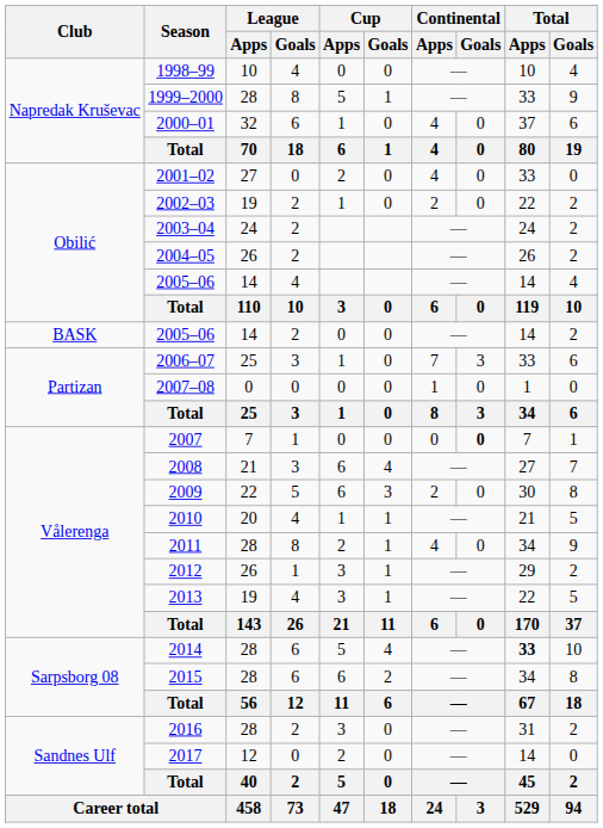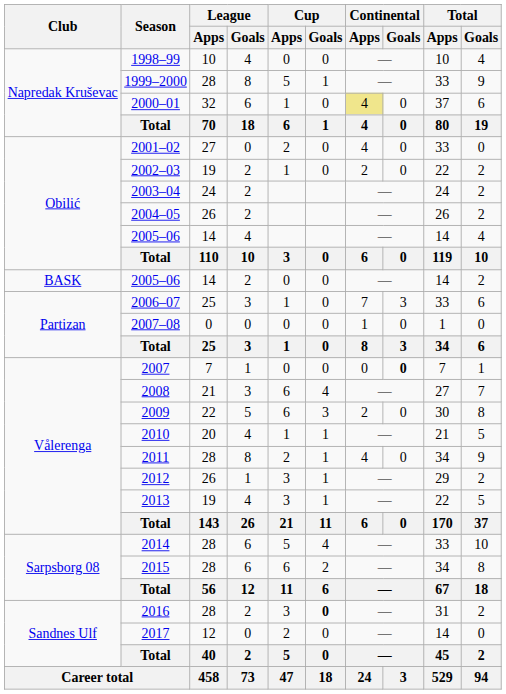 <table class="wikitable" style="text-align:center">
 <tr>
 <th rowspan="2">Club</th>
 <th rowspan="2">Season</th>
 <th colspan="2">League</th>
 <th colspan="2">Cup</th>
 <th colspan="2">Continental</th>
 <th colspan="2">Total</th>
 </tr>
 <tr>
 <th>Apps</th>
 <th>Goals</th>
 <th>Apps</th>
 <th>Goals</th>
 <th>Apps</th>
 <th>Goals</th>
 <th>Apps</th>
 <th>Goals</th>
 </tr>
 <tr>
 <td rowspan="4"><a href='#'>Napredak Kruševac</a></td>
 <td><a href='#'>1998–99</a></td>
 <td>10</td>
 <td>4</td>
 <td>0</td>
 <td>0</td>
 <td colspan="2">—</td>
 <td>10</td>
 <td>4</td>
 </tr>
 <tr>
 <td><a href='#'>1999–2000</a></td>
 <td>28</td>
 <td>8</td>
 <td>5</td>
 <td>1</td>
 <td colspan="2">—</td>
 <td>33</td>
 <td>9</td>
 </tr>
 <tr>
 <td><a href='#'>2000–01</a></td>
 <td>32</td>
 <td>6</td>
 <td>1</td>
 <td>0</td>
-<td>4</td>
+<td style="background: khaki;">4</td>
 <td>0</td>
 <td>37</td>
 <td>6</td>
 </tr>
 <tr>
 <th>Total</th>
 <th>70</th>
 <th>18</th>
 <th>6</th>
 <th>1</th>
 <th>4</th>
 <th>0</th>
 <th>80</th>
 <th>19</th>
 </tr>
 <tr>
 <td rowspan="6"><a href='#'>Obilić</a></td>
 <td><a href='#'>2001–02</a></td>
 <td>27</td>
 <td>0</td>
 <td>2</td>
 <td>0</td>
 <td>4</td>
 <td>0</td>
 <td>33</td>
 <td>0</td>
 </tr>
 <tr>
 <td><a href='#'>2002–03</a></td>
 <td>19</td>
 <td>2</td>
 <td>1</td>
 <td>0</td>
 <td>2</td>
 <td>0</td>
 <td>22</td>
 <td>2</td>
 </tr>
 <tr>
 <td><a href='#'>2003–04</a></td>
 <td>24</td>
 <td>2</td>
 <td></td>
 <td></td>
 <td colspan="2">—</td>
 <td>24</td>
 <td>2</td>
 </tr>
 <tr>
 <td><a href='#'>2004–05</a></td>
 <td>26</td>
 <td>2</td>
 <td></td>
 <td></td>
 <td colspan="2">—</td>
 <td>26</td>
 <td>2</td>
 </tr>
 <tr>
 <td><a href='#'>2005–06</a></td>
 <td>14</td>
 <td>4</td>
 <td></td>
 <td></td>
 <td colspan="2">—</td>
 <td>14</td>
 <td>4</td>
 </tr>
 <tr>
 <th>Total</th>
 <th>110</th>
 <th>10</th>
 <th>3</th>
 <th>0</th>
 <th>6</th>
 <th>0</th>
 <th>119</th>
 <th>10</th>
 </tr>
 <tr>
 <td><a href='#'>BASK</a></td>
 <td><a href='#'>2005–06</a></td>
 <td>14</td>
 <td>2</td>
 <td>0</td>
 <td>0</td>
 <td colspan="2">—</td>
 <td>14</td>
 <td>2</td>
 </tr>
 <tr>
 <td rowspan="3"><a href='#'>Partizan</a></td>
 <td><a href='#'>2006–07</a></td>
 <td>25</td>
 <td>3</td>
 <td>1</td>
 <td>0</td>
 <td>7</td>
 <td>3</td>
 <td>33</td>
 <td>6</td>
 </tr>
 <tr>
 <td><a href='#'>2007–08</a></td>
 <td>0</td>
 <td>0</td>
 <td>0</td>
 <td>0</td>
 <td>1</td>
 <td>0</td>
 <td>1</td>
 <td>0</td>
 </tr>
 <tr>
 <th>Total</th>
 <th>25</th>
 <th>3</th>
 <th>1</th>
 <th>0</th>
 <th>8</th>
 <th>3</th>
 <th>34</th>
 <th>6</th>
 </tr>
 <tr>
 <td rowspan="8"><a href='#'>Vålerenga</a></td>
 <td><a href='#'>2007</a></td>
 <td>7</td>
 <td>1</td>
 <td>0</td>
 <td>0</td>
 <td>0</td>
 <td><strong>0</strong></td>
 <td>7</td>
 <td>1</td>
 </tr>
 <tr>
 <td><a href='#'>2008</a></td>
 <td>21</td>
 <td>3</td>
 <td>6</td>
 <td>4</td>
 <td colspan="2">—</td>
 <td>27</td>
 <td>7</td>
 </tr>
 <tr>
 <td><a href='#'>2009</a></td>
 <td>22</td>
 <td>5</td>
 <td>6</td>
 <td>3</td>
 <td>2</td>
 <td>0</td>
 <td>30</td>
 <td>8</td>
 </tr>
 <tr>
 <td><a href='#'>2010</a></td>
 <td>20</td>
 <td>4</td>
 <td>1</td>
 <td>1</td>
 <td colspan="2">—</td>
 <td>21</td>
 <td>5</td>
 </tr>
 <tr>
 <td><a href='#'>2011</a></td>
 <td>28</td>
 <td>8</td>
 <td>2</td>
 <td>1</td>
 <td>4</td>
 <td>0</td>
 <td>34</td>
 <td>9</td>
 </tr>
 <tr>
 <td><a href='#'>2012</a></td>
 <td>26</td>
 <td>1</td>
 <td>3</td>
 <td>1</td>
 <td colspan="2">—</td>
 <td>29</td>
 <td>2</td>
 </tr>
 <tr>
 <td><a href='#'>2013</a></td>
 <td>19</td>
 <td>4</td>
 <td>3</td>
 <td>1</td>
 <td colspan="2">—</td>
 <td>22</td>
 <td>5</td>
 </tr>
 <tr>
 <th>Total</th>
 <th>143</th>
 <th>26</th>
 <th>21</th>
 <th>11</th>
 <th>6</th>
 <th>0</th>
 <th>170</th>
 <th>37</th>
 </tr>
 <tr>
 <td rowspan="3"><a href='#'>Sarpsborg 08</a></td>
 <td><a href='#'>2014</a></td>
 <td>28</td>
 <td>6</td>
 <td>5</td>
 <td>4</td>
 <td colspan="2">—</td>
-<td><strong>33</strong></td>
+<td>33</td>
 <td>10</td>
 </tr>
 <tr>
 <td><a href='#'>2015</a></td>
 <td>28</td>
 <td>6</td>
 <td>6</td>
 <td>2</td>
 <td colspan="2">—</td>
 <td>34</td>
 <td>8</td>
 </tr>
 <tr>
 <th>Total</th>
 <th>56</th>
 <th>12</th>
 <th>11</th>
 <th>6</th>
 <th colspan="2">—</th>
 <th>67</th>
 <th>18</th>
 </tr>
 <tr>
 <td rowspan="3"><a href='#'>Sandnes Ulf</a></td>
 <td><a href='#'>2016</a></td>
 <td>28</td>
 <td>2</td>
 <td>3</td>
-<td>0</td>
+<td><strong>0</strong></td>
 <td colspan="2">—</td>
 <td>31</td>
 <td>2</td>
 </tr>
 <tr>
 <td><a href='#'>2017</a></td>
 <td>12</td>
 <td>0</td>
 <td>2</td>
 <td>0</td>
 <td colspan="2">—</td>
 <td>14</td>
 <td>0</td>
 </tr>
 <tr>
 <th>Total</th>
 <th>40</th>
 <th>2</th>
 <th>5</th>
 <th>0</th>
 <th colspan="2">—</th>
 <th>45</th>
 <th>2</th>
 </tr>
 <tr>
 <th colspan="2">Career total</th>
 <th>458</th>
 <th>73</th>
 <th>47</th>
 <th>18</th>
 <th>24</th>
 <th>3</th>
 <th>529</th>
 <th>94</th>
 </tr>
 </table>
